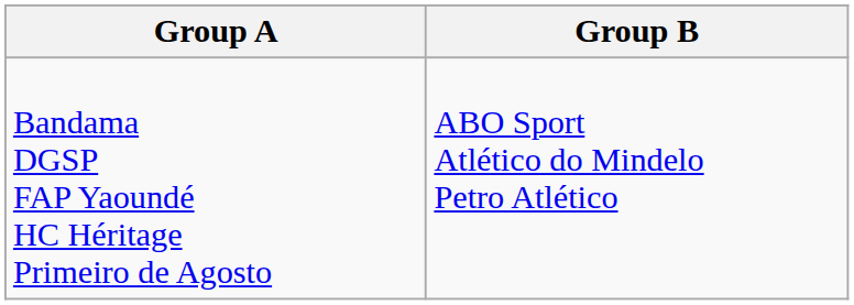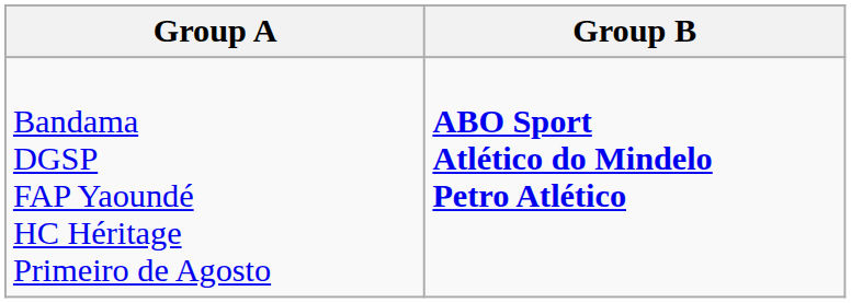 <table class="wikitable">
 <tr>
 <th width=195px>Group A</th>
 <th width=195px>Group B</th>
 </tr>
 <tr>
 <td valign=top><br> <a href='#'>Bandama</a><br>  <a href='#'>DGSP</a><br>  <a href='#'>FAP Yaoundé</a><br>  <a href='#'>HC Héritage</a><br>  <a href='#'>Primeiro de Agosto</a></td>
-<td valign=top><br> <a href='#'>ABO Sport</a><br>  <a href='#'>Atlético do Mindelo</a><br>  <a href='#'>Petro Atlético</a></td>
+<td valign=top><strong><br> <a href='#'>ABO Sport</a><br>  <a href='#'>Atlético do Mindelo</a><br>  <a href='#'>Petro Atlético</a></strong></td>
 </tr>
 </table>
